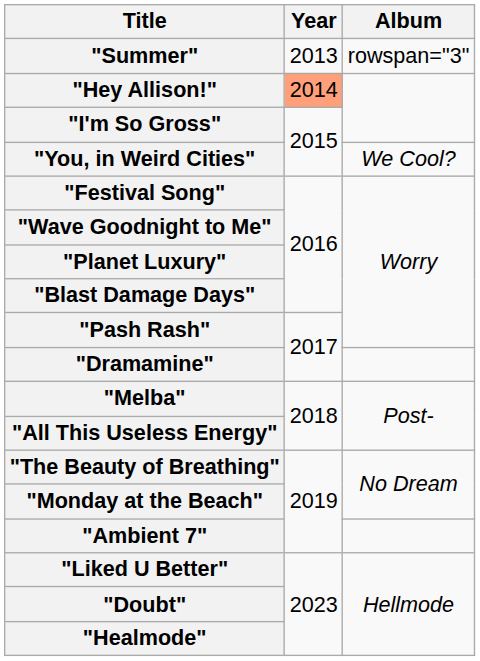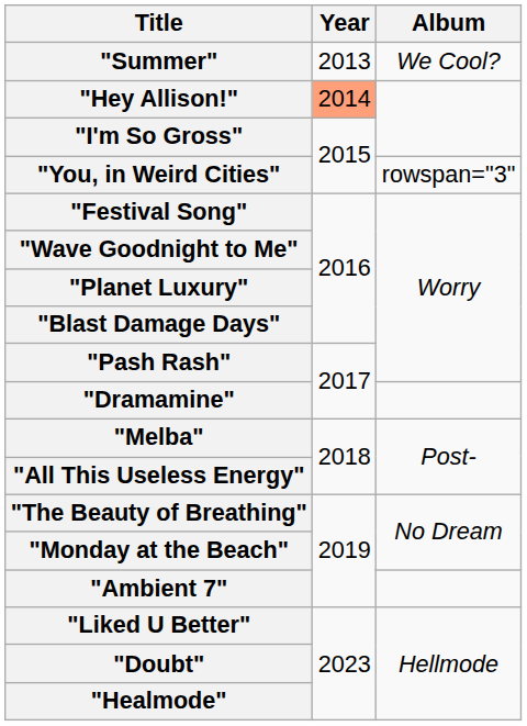 <table class="wikitable plainrowheaders" style="text-align:center;">
 <tr>
 <th scope="col">Title</th>
 <th scope="col">Year</th>
 <th scope="col">Album</th>
 </tr>
 <tr>
 <th scope="row">"Summer"</th>
 <td>2013</td>
-<td>rowspan="3" </td>
+<td><em>We Cool?</em></td>
 </tr>
 <tr>
 <th scope="row">"Hey Allison!"</th>
 <td style="background: lightsalmon;">2014</td>
 </tr>
 <tr>
 <th scope="row">"I'm So Gross"</th>
 <td rowspan="2">2015</td>
 </tr>
 <tr>
 <th scope="row">"You, in Weird Cities"</th>
-<td><em>We Cool?</em></td>
+<td>rowspan="3" </td>
 </tr>
 <tr>
 <th scope="row">"Festival Song"</th>
 <td rowspan="4">2016</td>
 <td rowspan="5"><em>Worry</em></td>
 </tr>
 <tr>
 <th scope="row">"Wave Goodnight to Me"</th>
 </tr>
 <tr>
 <th scope="row">"Planet Luxury"</th>
 </tr>
 <tr>
 <th scope="row">"Blast Damage Days"</th>
 </tr>
 <tr>
 <th scope="row">"Pash Rash"</th>
 <td rowspan="2">2017</td>
 </tr>
 <tr>
 <th scope="row">"Dramamine"</th>
 <td></td>
 </tr>
 <tr>
 <th scope="row">"Melba"</th>
 <td rowspan="2">2018</td>
 <td rowspan="2"><em>Post-</em></td>
 </tr>
 <tr>
 <th scope="row">"All This Useless Energy"</th>
 </tr>
 <tr>
 <th scope="row">"The Beauty of Breathing"</th>
 <td rowspan="3">2019</td>
 <td rowspan="2"><em>No Dream</em></td>
 </tr>
 <tr>
 <th scope="row">"Monday at the Beach"</th>
 </tr>
 <tr>
 <th scope="row">"Ambient 7"</th>
 <td></td>
 </tr>
 <tr>
 <th scope="row">"Liked U Better"</th>
 <td rowspan="3">2023</td>
 <td rowspan="3"><em>Hellmode</em></td>
 </tr>
 <tr>
 <th scope="row">"Doubt"</th>
 </tr>
 <tr>
 <th scope="row">"Healmode"</th>
 </tr>
 </table>
